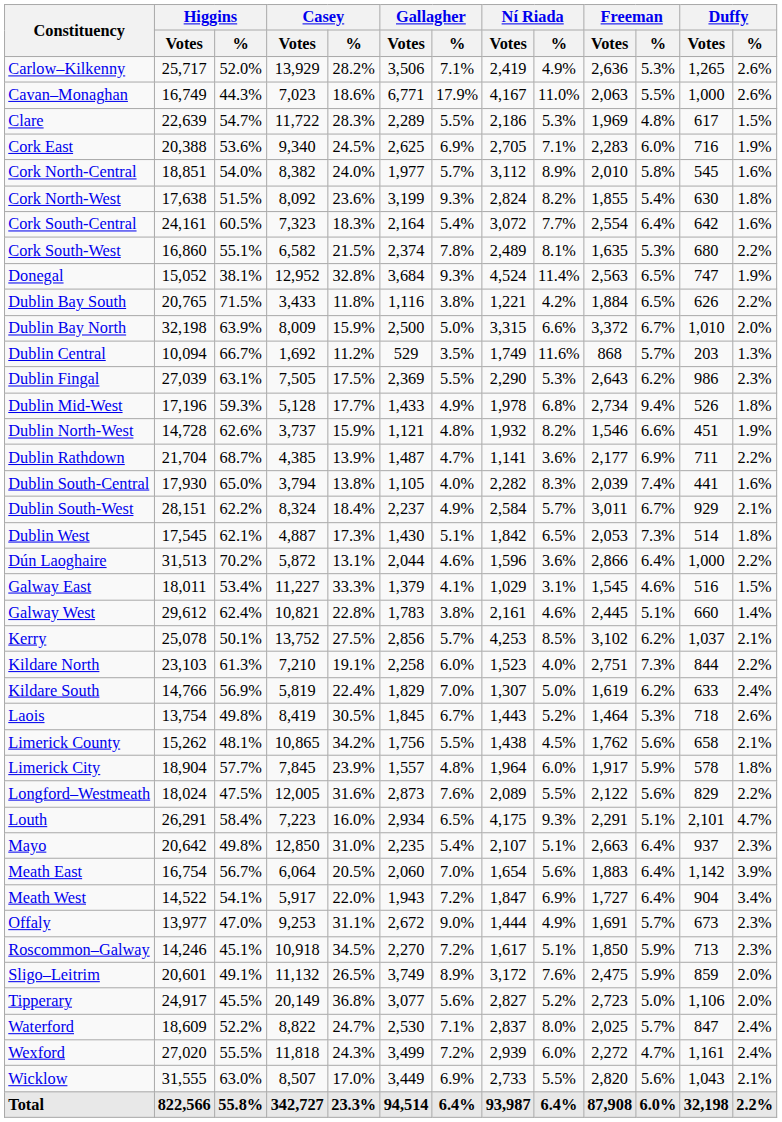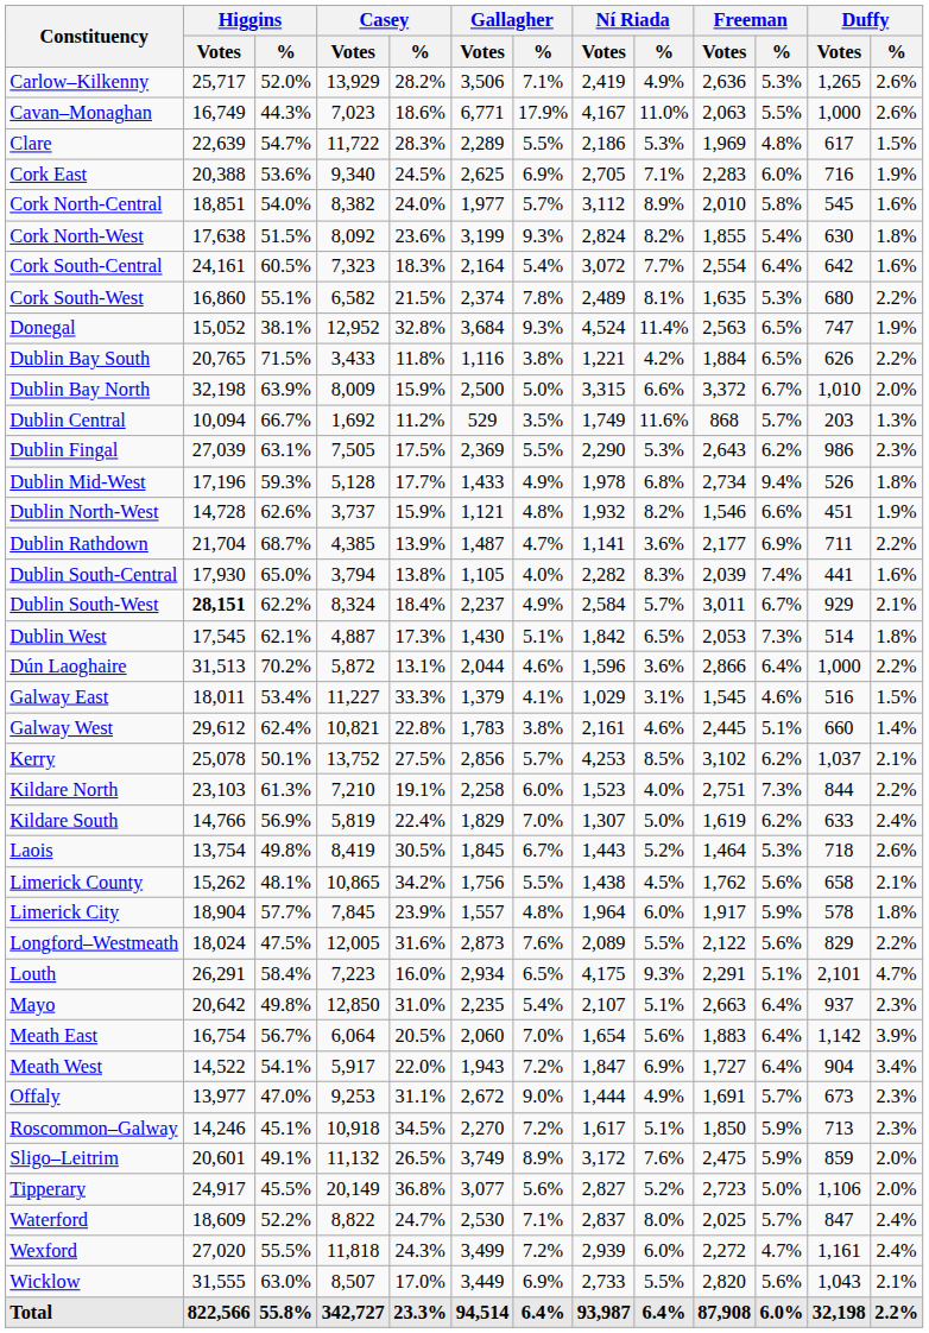 <table class="wikitable sortable collapsible" style="text-align:center;">
 <tr>
 <th rowspan=2>Constituency</th>
 <th colspan=2><a href='#'>Higgins</a></th>
 <th colspan=2><a href='#'>Casey</a></th>
 <th colspan=2><a href='#'>Gallagher</a></th>
 <th colspan=2><a href='#'>Ní Riada</a></th>
 <th colspan=2><a href='#'>Freeman</a></th>
 <th colspan=2><a href='#'>Duffy</a></th>
 </tr>
 <tr>
 <th data-sort-type=number>Votes</th>
 <th data-sort-type=number>%</th>
 <th data-sort-type=number>Votes</th>
 <th data-sort-type=number>%</th>
 <th data-sort-type="number">Votes</th>
 <th data-sort-type="number">%</th>
 <th data-sort-type=number>Votes</th>
 <th data-sort-type=number>%</th>
 <th data-sort-type=number>Votes</th>
 <th data-sort-type=number>%</th>
 <th data-sort-type=number>Votes</th>
 <th data-sort-type=number>%</th>
 </tr>
 <tr>
 <td style="text-align:left;"><a href='#'>Carlow–Kilkenny</a></td>
 <td>25,717</td>
 <td>52.0%</td>
 <td>13,929</td>
 <td>28.2%</td>
 <td>3,506</td>
 <td>7.1%</td>
 <td>2,419</td>
 <td>4.9%</td>
 <td>2,636</td>
 <td>5.3%</td>
 <td>1,265</td>
 <td>2.6%</td>
 </tr>
 <tr>
 <td style="text-align:left;"><a href='#'>Cavan–Monaghan</a></td>
 <td>16,749</td>
 <td>44.3%</td>
 <td>7,023</td>
 <td>18.6%</td>
 <td>6,771</td>
 <td>17.9%</td>
 <td>4,167</td>
 <td>11.0%</td>
 <td>2,063</td>
 <td>5.5%</td>
 <td>1,000</td>
 <td>2.6%</td>
 </tr>
 <tr>
 <td style="text-align:left;"><a href='#'>Clare</a></td>
 <td>22,639</td>
 <td>54.7%</td>
 <td>11,722</td>
 <td>28.3%</td>
 <td>2,289</td>
 <td>5.5%</td>
 <td>2,186</td>
 <td>5.3%</td>
 <td>1,969</td>
 <td>4.8%</td>
 <td>617</td>
 <td>1.5%</td>
 </tr>
 <tr>
 <td style="text-align:left;"><a href='#'>Cork East</a></td>
 <td>20,388</td>
 <td>53.6%</td>
 <td>9,340</td>
 <td>24.5%</td>
 <td>2,625</td>
 <td>6.9%</td>
 <td>2,705</td>
 <td>7.1%</td>
 <td>2,283</td>
 <td>6.0%</td>
 <td>716</td>
 <td>1.9%</td>
 </tr>
 <tr>
 <td style="text-align:left;"><a href='#'>Cork North-Central</a></td>
 <td>18,851</td>
 <td>54.0%</td>
 <td>8,382</td>
 <td>24.0%</td>
 <td>1,977</td>
 <td>5.7%</td>
 <td>3,112</td>
 <td>8.9%</td>
 <td>2,010</td>
 <td>5.8%</td>
 <td>545</td>
 <td>1.6%</td>
 </tr>
 <tr>
 <td style="text-align:left;"><a href='#'>Cork North-West</a></td>
 <td>17,638</td>
 <td>51.5%</td>
 <td>8,092</td>
 <td>23.6%</td>
 <td>3,199</td>
 <td>9.3%</td>
 <td>2,824</td>
 <td>8.2%</td>
 <td>1,855</td>
 <td>5.4%</td>
 <td>630</td>
 <td>1.8%</td>
 </tr>
 <tr>
 <td style="text-align:left;"><a href='#'>Cork South-Central</a></td>
 <td>24,161</td>
 <td>60.5%</td>
 <td>7,323</td>
 <td>18.3%</td>
 <td>2,164</td>
 <td>5.4%</td>
 <td>3,072</td>
 <td>7.7%</td>
 <td>2,554</td>
 <td>6.4%</td>
 <td>642</td>
 <td>1.6%</td>
 </tr>
 <tr>
 <td style="text-align:left;"><a href='#'>Cork South-West</a></td>
 <td>16,860</td>
 <td>55.1%</td>
 <td>6,582</td>
 <td>21.5%</td>
 <td>2,374</td>
 <td>7.8%</td>
 <td>2,489</td>
 <td>8.1%</td>
 <td>1,635</td>
 <td>5.3%</td>
 <td>680</td>
 <td>2.2%</td>
 </tr>
 <tr>
 <td style="text-align:left;"><a href='#'>Donegal</a></td>
 <td>15,052</td>
 <td>38.1%</td>
 <td>12,952</td>
 <td>32.8%</td>
 <td>3,684</td>
 <td>9.3%</td>
 <td>4,524</td>
 <td>11.4%</td>
 <td>2,563</td>
 <td>6.5%</td>
 <td>747</td>
 <td>1.9%</td>
 </tr>
 <tr>
 <td style="text-align:left;"><a href='#'>Dublin Bay South</a></td>
 <td>20,765</td>
 <td>71.5%</td>
 <td>3,433</td>
 <td>11.8%</td>
 <td>1,116</td>
 <td>3.8%</td>
 <td>1,221</td>
 <td>4.2%</td>
 <td>1,884</td>
 <td>6.5%</td>
 <td>626</td>
 <td>2.2%</td>
 </tr>
 <tr>
 <td style="text-align:left;"><a href='#'>Dublin Bay North</a></td>
 <td>32,198</td>
 <td>63.9%</td>
 <td>8,009</td>
 <td>15.9%</td>
 <td>2,500</td>
 <td>5.0%</td>
 <td>3,315</td>
 <td>6.6%</td>
 <td>3,372</td>
 <td>6.7%</td>
 <td>1,010</td>
 <td>2.0%</td>
 </tr>
 <tr>
 <td style="text-align:left;"><a href='#'>Dublin Central</a></td>
 <td>10,094</td>
 <td>66.7%</td>
 <td>1,692</td>
 <td>11.2%</td>
 <td>529</td>
 <td>3.5%</td>
 <td>1,749</td>
 <td>11.6%</td>
 <td>868</td>
 <td>5.7%</td>
 <td>203</td>
 <td>1.3%</td>
 </tr>
 <tr>
 <td style="text-align:left;"><a href='#'>Dublin Fingal</a></td>
 <td>27,039</td>
 <td>63.1%</td>
 <td>7,505</td>
 <td>17.5%</td>
 <td>2,369</td>
 <td>5.5%</td>
 <td>2,290</td>
 <td>5.3%</td>
 <td>2,643</td>
 <td>6.2%</td>
 <td>986</td>
 <td>2.3%</td>
 </tr>
 <tr>
 <td style="text-align:left;"><a href='#'>Dublin Mid-West</a></td>
 <td>17,196</td>
 <td>59.3%</td>
 <td>5,128</td>
 <td>17.7%</td>
 <td>1,433</td>
 <td>4.9%</td>
 <td>1,978</td>
 <td>6.8%</td>
 <td>2,734</td>
 <td>9.4%</td>
 <td>526</td>
 <td>1.8%</td>
 </tr>
 <tr>
 <td style="text-align:left;"><a href='#'>Dublin North-West</a></td>
 <td>14,728</td>
 <td>62.6%</td>
 <td>3,737</td>
 <td>15.9%</td>
 <td>1,121</td>
 <td>4.8%</td>
 <td>1,932</td>
 <td>8.2%</td>
 <td>1,546</td>
 <td>6.6%</td>
 <td>451</td>
 <td>1.9%</td>
 </tr>
 <tr>
 <td style="text-align:left;"><a href='#'>Dublin Rathdown</a></td>
 <td>21,704</td>
 <td>68.7%</td>
 <td>4,385</td>
 <td>13.9%</td>
 <td>1,487</td>
 <td>4.7%</td>
 <td>1,141</td>
 <td>3.6%</td>
 <td>2,177</td>
 <td>6.9%</td>
 <td>711</td>
 <td>2.2%</td>
 </tr>
 <tr>
 <td style="text-align:left;"><a href='#'>Dublin South-Central</a></td>
 <td>17,930</td>
 <td>65.0%</td>
 <td>3,794</td>
 <td>13.8%</td>
 <td>1,105</td>
 <td>4.0%</td>
 <td>2,282</td>
 <td>8.3%</td>
 <td>2,039</td>
 <td>7.4%</td>
 <td>441</td>
 <td>1.6%</td>
 </tr>
 <tr>
 <td style="text-align:left;"><a href='#'>Dublin South-West</a></td>
-<td>28,151</td>
+<td><strong>28,151</strong></td>
 <td>62.2%</td>
 <td>8,324</td>
 <td>18.4%</td>
 <td>2,237</td>
 <td>4.9%</td>
 <td>2,584</td>
 <td>5.7%</td>
 <td>3,011</td>
 <td>6.7%</td>
 <td>929</td>
 <td>2.1%</td>
 </tr>
 <tr>
 <td style="text-align:left;"><a href='#'>Dublin West</a></td>
 <td>17,545</td>
 <td>62.1%</td>
 <td>4,887</td>
 <td>17.3%</td>
 <td>1,430</td>
 <td>5.1%</td>
 <td>1,842</td>
 <td>6.5%</td>
 <td>2,053</td>
 <td>7.3%</td>
 <td>514</td>
 <td>1.8%</td>
 </tr>
 <tr>
 <td style="text-align:left;"><a href='#'>Dún Laoghaire</a></td>
 <td>31,513</td>
 <td>70.2%</td>
 <td>5,872</td>
 <td>13.1%</td>
 <td>2,044</td>
 <td>4.6%</td>
 <td>1,596</td>
 <td>3.6%</td>
 <td>2,866</td>
 <td>6.4%</td>
 <td>1,000</td>
 <td>2.2%</td>
 </tr>
 <tr>
 <td style="text-align:left;"><a href='#'>Galway East</a></td>
 <td>18,011</td>
 <td>53.4%</td>
 <td>11,227</td>
 <td>33.3%</td>
 <td>1,379</td>
 <td>4.1%</td>
 <td>1,029</td>
 <td>3.1%</td>
 <td>1,545</td>
 <td>4.6%</td>
 <td>516</td>
 <td>1.5%</td>
 </tr>
 <tr>
 <td style="text-align:left;"><a href='#'>Galway West</a></td>
 <td>29,612</td>
 <td>62.4%</td>
 <td>10,821</td>
 <td>22.8%</td>
 <td>1,783</td>
 <td>3.8%</td>
 <td>2,161</td>
 <td>4.6%</td>
 <td>2,445</td>
 <td>5.1%</td>
 <td>660</td>
 <td>1.4%</td>
 </tr>
 <tr>
 <td style="text-align:left;"><a href='#'>Kerry</a></td>
 <td>25,078</td>
 <td>50.1%</td>
 <td>13,752</td>
 <td>27.5%</td>
 <td>2,856</td>
 <td>5.7%</td>
 <td>4,253</td>
 <td>8.5%</td>
 <td>3,102</td>
 <td>6.2%</td>
 <td>1,037</td>
 <td>2.1%</td>
 </tr>
 <tr>
 <td style="text-align:left;"><a href='#'>Kildare North</a></td>
 <td>23,103</td>
 <td>61.3%</td>
 <td>7,210</td>
 <td>19.1%</td>
 <td>2,258</td>
 <td>6.0%</td>
 <td>1,523</td>
 <td>4.0%</td>
 <td>2,751</td>
 <td>7.3%</td>
 <td>844</td>
 <td>2.2%</td>
 </tr>
 <tr>
 <td style="text-align:left;"><a href='#'>Kildare South</a></td>
 <td>14,766</td>
 <td>56.9%</td>
 <td>5,819</td>
 <td>22.4%</td>
 <td>1,829</td>
 <td>7.0%</td>
 <td>1,307</td>
 <td>5.0%</td>
 <td>1,619</td>
 <td>6.2%</td>
 <td>633</td>
 <td>2.4%</td>
 </tr>
 <tr>
 <td style="text-align:left;"><a href='#'>Laois</a></td>
 <td>13,754</td>
 <td>49.8%</td>
 <td>8,419</td>
 <td>30.5%</td>
 <td>1,845</td>
 <td>6.7%</td>
 <td>1,443</td>
 <td>5.2%</td>
 <td>1,464</td>
 <td>5.3%</td>
 <td>718</td>
 <td>2.6%</td>
 </tr>
 <tr>
 <td style="text-align:left;"><a href='#'>Limerick County</a></td>
 <td>15,262</td>
 <td>48.1%</td>
 <td>10,865</td>
 <td>34.2%</td>
 <td>1,756</td>
 <td>5.5%</td>
 <td>1,438</td>
 <td>4.5%</td>
 <td>1,762</td>
 <td>5.6%</td>
 <td>658</td>
 <td>2.1%</td>
 </tr>
 <tr>
 <td style="text-align:left;"><a href='#'>Limerick City</a></td>
 <td>18,904</td>
 <td>57.7%</td>
 <td>7,845</td>
 <td>23.9%</td>
 <td>1,557</td>
 <td>4.8%</td>
 <td>1,964</td>
 <td>6.0%</td>
 <td>1,917</td>
 <td>5.9%</td>
 <td>578</td>
 <td>1.8%</td>
 </tr>
 <tr>
 <td style="text-align:left;"><a href='#'>Longford–Westmeath</a></td>
 <td>18,024</td>
 <td>47.5%</td>
 <td>12,005</td>
 <td>31.6%</td>
 <td>2,873</td>
 <td>7.6%</td>
 <td>2,089</td>
 <td>5.5%</td>
 <td>2,122</td>
 <td>5.6%</td>
 <td>829</td>
 <td>2.2%</td>
 </tr>
 <tr>
 <td style="text-align:left;"><a href='#'>Louth</a></td>
 <td>26,291</td>
 <td>58.4%</td>
 <td>7,223</td>
 <td>16.0%</td>
 <td>2,934</td>
 <td>6.5%</td>
 <td>4,175</td>
 <td>9.3%</td>
 <td>2,291</td>
 <td>5.1%</td>
 <td>2,101</td>
 <td>4.7%</td>
 </tr>
 <tr>
 <td style="text-align:left;"><a href='#'>Mayo</a></td>
 <td>20,642</td>
 <td>49.8%</td>
 <td>12,850</td>
 <td>31.0%</td>
 <td>2,235</td>
 <td>5.4%</td>
 <td>2,107</td>
 <td>5.1%</td>
 <td>2,663</td>
 <td>6.4%</td>
 <td>937</td>
 <td>2.3%</td>
 </tr>
 <tr>
 <td style="text-align:left;"><a href='#'>Meath East</a></td>
 <td>16,754</td>
 <td>56.7%</td>
 <td>6,064</td>
 <td>20.5%</td>
 <td>2,060</td>
 <td>7.0%</td>
 <td>1,654</td>
 <td>5.6%</td>
 <td>1,883</td>
 <td>6.4%</td>
 <td>1,142</td>
 <td>3.9%</td>
 </tr>
 <tr>
 <td style="text-align:left;"><a href='#'>Meath West</a></td>
 <td>14,522</td>
 <td>54.1%</td>
 <td>5,917</td>
 <td>22.0%</td>
 <td>1,943</td>
 <td>7.2%</td>
 <td>1,847</td>
 <td>6.9%</td>
 <td>1,727</td>
 <td>6.4%</td>
 <td>904</td>
 <td>3.4%</td>
 </tr>
 <tr>
 <td style="text-align:left;"><a href='#'>Offaly</a></td>
 <td>13,977</td>
 <td>47.0%</td>
 <td>9,253</td>
 <td>31.1%</td>
 <td>2,672</td>
 <td>9.0%</td>
 <td>1,444</td>
 <td>4.9%</td>
 <td>1,691</td>
 <td>5.7%</td>
 <td>673</td>
 <td>2.3%</td>
 </tr>
 <tr>
 <td style="text-align:left;"><a href='#'>Roscommon–Galway</a></td>
 <td>14,246</td>
 <td>45.1%</td>
 <td>10,918</td>
 <td>34.5%</td>
 <td>2,270</td>
 <td>7.2%</td>
 <td>1,617</td>
 <td>5.1%</td>
 <td>1,850</td>
 <td>5.9%</td>
 <td>713</td>
 <td>2.3%</td>
 </tr>
 <tr>
 <td style="text-align:left;"><a href='#'>Sligo–Leitrim</a></td>
 <td>20,601</td>
 <td>49.1%</td>
 <td>11,132</td>
 <td>26.5%</td>
 <td>3,749</td>
 <td>8.9%</td>
 <td>3,172</td>
 <td>7.6%</td>
 <td>2,475</td>
 <td>5.9%</td>
 <td>859</td>
 <td>2.0%</td>
 </tr>
 <tr>
 <td style="text-align:left;"><a href='#'>Tipperary</a></td>
 <td>24,917</td>
 <td>45.5%</td>
 <td>20,149</td>
 <td>36.8%</td>
 <td>3,077</td>
 <td>5.6%</td>
 <td>2,827</td>
 <td>5.2%</td>
 <td>2,723</td>
 <td>5.0%</td>
 <td>1,106</td>
 <td>2.0%</td>
 </tr>
 <tr>
 <td style="text-align:left;"><a href='#'>Waterford</a></td>
 <td>18,609</td>
 <td>52.2%</td>
 <td>8,822</td>
 <td>24.7%</td>
 <td>2,530</td>
 <td>7.1%</td>
 <td>2,837</td>
 <td>8.0%</td>
 <td>2,025</td>
 <td>5.7%</td>
 <td>847</td>
 <td>2.4%</td>
 </tr>
 <tr>
 <td style="text-align:left;"><a href='#'>Wexford</a></td>
 <td>27,020</td>
 <td>55.5%</td>
 <td>11,818</td>
 <td>24.3%</td>
 <td>3,499</td>
 <td>7.2%</td>
 <td>2,939</td>
 <td>6.0%</td>
 <td>2,272</td>
 <td>4.7%</td>
 <td>1,161</td>
 <td>2.4%</td>
 </tr>
 <tr>
 <td style="text-align:left;"><a href='#'>Wicklow</a></td>
 <td>31,555</td>
 <td>63.0%</td>
 <td>8,507</td>
 <td>17.0%</td>
 <td>3,449</td>
 <td>6.9%</td>
 <td>2,733</td>
 <td>5.5%</td>
 <td>2,820</td>
 <td>5.6%</td>
 <td>1,043</td>
 <td>2.1%</td>
 </tr>
 <tr class="sortbottom" style="font-weight:bold; background:rgb(232,232,232);">
 <td style="text-align:left;">Total</td>
 <td>822,566</td>
 <td>55.8%</td>
 <td>342,727</td>
 <td>23.3%</td>
 <td>94,514</td>
 <td>6.4%</td>
 <td>93,987</td>
 <td>6.4%</td>
 <td>87,908</td>
 <td>6.0%</td>
 <td>32,198</td>
 <td>2.2%</td>
 </tr>
 </table>
